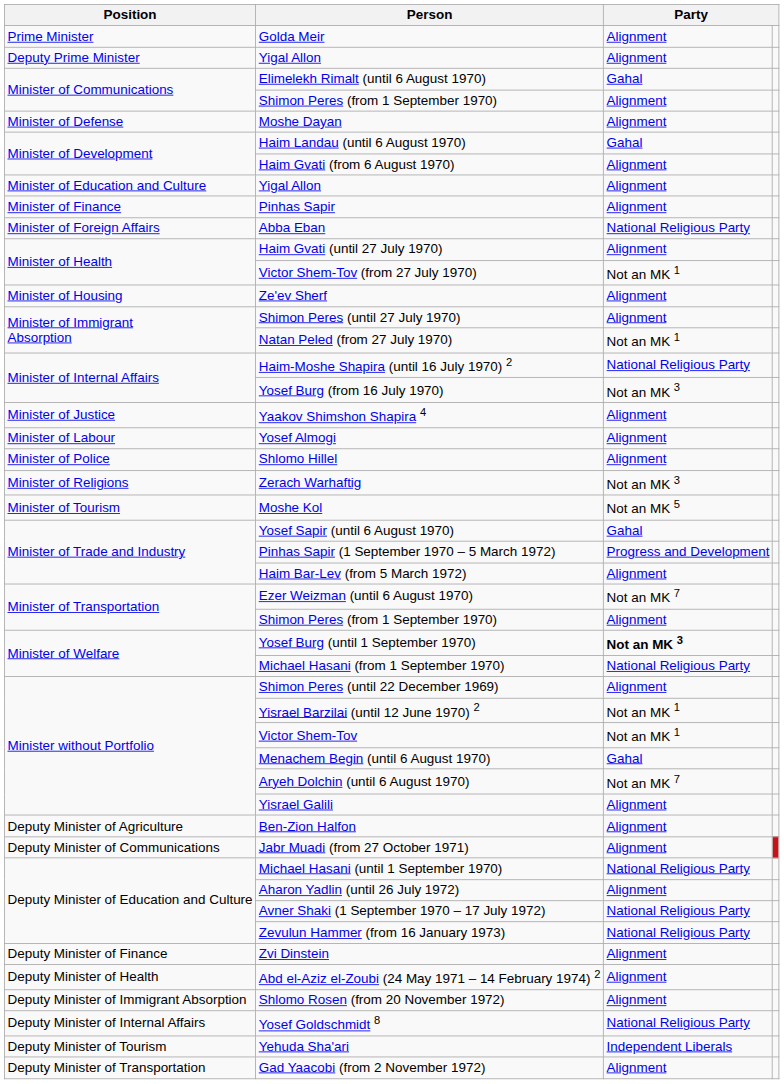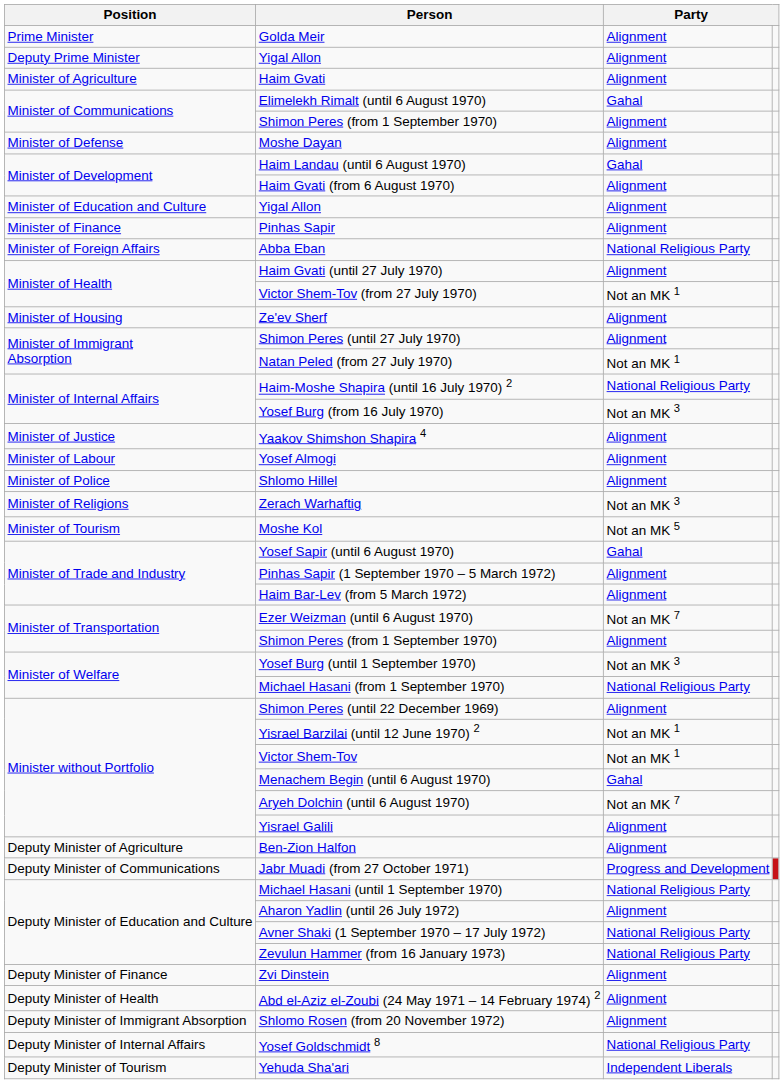 <table class=wikitable style="text-align:left">
 <tr>
 <th>Position</th>
 <th>Person</th>
 <th colspan=2>Party</th>
 </tr>
 <tr>
 <td><a href='#'>Prime Minister</a></td>
 <td><a href='#'>Golda Meir</a></td>
 <td><a href='#'>Alignment</a></td>
 <td style="background:"></td>
 </tr>
 <tr>
 <td><a href='#'>Deputy Prime Minister</a></td>
 <td><a href='#'>Yigal Allon</a></td>
+<td><a href='#'>Alignment</a></td>
+<td style="background:"></td>
+</tr>
+<tr>
+<td><a href='#'>Minister of Agriculture</a></td>
+<td><a href='#'>Haim Gvati</a></td>
 <td><a href='#'>Alignment</a></td>
 <td style="background:"></td>
 </tr>
 <tr>
 <td rowspan=2><a href='#'>Minister of Communications</a></td>
 <td><a href='#'>Elimelekh Rimalt</a> (until 6 August 1970)</td>
 <td><a href='#'>Gahal</a></td>
 <td style="background:"></td>
 </tr>
 <tr>
 <td><a href='#'>Shimon Peres</a> (from 1 September 1970)</td>
 <td><a href='#'>Alignment</a></td>
 <td style="background:"></td>
 </tr>
 <tr>
 <td><a href='#'>Minister of Defense</a></td>
 <td><a href='#'>Moshe Dayan</a></td>
 <td><a href='#'>Alignment</a></td>
 <td style="background:"></td>
 </tr>
 <tr>
 <td rowspan=2><a href='#'>Minister of Development</a></td>
 <td><a href='#'>Haim Landau</a> (until 6 August 1970)</td>
 <td><a href='#'>Gahal</a></td>
 <td style="background:"></td>
 </tr>
 <tr>
 <td><a href='#'>Haim Gvati</a> (from 6 August 1970)</td>
 <td><a href='#'>Alignment</a></td>
 <td style="background:"></td>
 </tr>
 <tr>
 <td><a href='#'>Minister of Education and Culture</a></td>
 <td><a href='#'>Yigal Allon</a></td>
 <td><a href='#'>Alignment</a></td>
 <td style="background:"></td>
 </tr>
 <tr>
 <td><a href='#'>Minister of Finance</a></td>
 <td><a href='#'>Pinhas Sapir</a></td>
 <td><a href='#'>Alignment</a></td>
 <td style="background:"></td>
 </tr>
 <tr>
 <td><a href='#'>Minister of Foreign Affairs</a></td>
 <td><a href='#'>Abba Eban</a></td>
 <td><a href='#'>National Religious Party</a></td>
 <td style="background:"></td>
 </tr>
 <tr>
 <td rowspan=2><a href='#'>Minister of Health</a></td>
 <td><a href='#'>Haim Gvati</a> (until 27 July 1970)</td>
 <td><a href='#'>Alignment</a></td>
 <td style="background:"></td>
 </tr>
 <tr>
 <td><a href='#'>Victor Shem-Tov</a> (from 27 July 1970)</td>
 <td>Not an MK <sup>1</sup></td>
 <td style="background:"></td>
 </tr>
 <tr>
 <td><a href='#'>Minister of Housing</a></td>
 <td><a href='#'>Ze'ev Sherf</a></td>
 <td><a href='#'>Alignment</a></td>
 <td style="background:"></td>
 </tr>
 <tr>
 <td rowspan=2><a href='#'>Minister of Immigrant<br>Absorption</a></td>
 <td><a href='#'>Shimon Peres</a> (until 27 July 1970)</td>
 <td><a href='#'>Alignment</a></td>
 <td style="background:"></td>
 </tr>
 <tr>
 <td><a href='#'>Natan Peled</a> (from 27 July 1970)</td>
 <td>Not an MK <sup>1</sup></td>
 <td style="background:"></td>
 </tr>
 <tr>
 <td rowspan=2><a href='#'>Minister of Internal Affairs</a></td>
 <td><a href='#'>Haim-Moshe Shapira</a> (until 16 July 1970) <sup>2</sup></td>
 <td><a href='#'>National Religious Party</a></td>
 <td style="background:"></td>
 </tr>
 <tr>
 <td><a href='#'>Yosef Burg</a> (from 16 July 1970)</td>
 <td>Not an MK <sup>3</sup></td>
 <td style="background:"></td>
 </tr>
 <tr>
 <td><a href='#'>Minister of Justice</a></td>
 <td><a href='#'>Yaakov Shimshon Shapira</a> <sup>4</sup></td>
 <td><a href='#'>Alignment</a></td>
 <td style="background:"></td>
 </tr>
 <tr>
 <td><a href='#'>Minister of Labour</a></td>
 <td><a href='#'>Yosef Almogi</a></td>
 <td><a href='#'>Alignment</a></td>
 <td style="background:"></td>
 </tr>
 <tr>
 <td><a href='#'>Minister of Police</a></td>
 <td><a href='#'>Shlomo Hillel</a></td>
 <td><a href='#'>Alignment</a></td>
 <td style="background:"></td>
 </tr>
 <tr>
 <td><a href='#'>Minister of Religions</a></td>
 <td><a href='#'>Zerach Warhaftig</a></td>
 <td>Not an MK <sup>3</sup></td>
 <td style="background:"></td>
 </tr>
 <tr>
 <td><a href='#'>Minister of Tourism</a></td>
 <td><a href='#'>Moshe Kol</a></td>
 <td>Not an MK <sup>5</sup></td>
 <td style="background:"></td>
 </tr>
 <tr>
 <td rowspan=3><a href='#'>Minister of Trade and Industry</a></td>
 <td><a href='#'>Yosef Sapir</a> (until 6 August 1970)</td>
 <td><a href='#'>Gahal</a></td>
 <td style="background:"></td>
 </tr>
 <tr>
 <td><a href='#'>Pinhas Sapir</a> (1 September 1970 – 5 March 1972)</td>
-<td><a href='#'>Progress and Development</a></td>
+<td><a href='#'>Alignment</a></td>
 <td style="background:"></td>
 </tr>
 <tr>
 <td><a href='#'>Haim Bar-Lev</a> (from 5 March 1972)</td>
 <td><a href='#'>Alignment</a></td>
 <td style="background:"></td>
 </tr>
 <tr>
 <td rowspan=2><a href='#'>Minister of Transportation</a></td>
 <td><a href='#'>Ezer Weizman</a> (until 6 August 1970)</td>
 <td>Not an MK <sup>7</sup></td>
 <td style="background:"></td>
 </tr>
 <tr>
 <td><a href='#'>Shimon Peres</a> (from 1 September 1970)</td>
 <td><a href='#'>Alignment</a></td>
 <td style="background:"></td>
 </tr>
 <tr>
 <td rowspan=2><a href='#'>Minister of Welfare</a></td>
 <td><a href='#'>Yosef Burg</a> (until 1 September 1970)</td>
-<td><strong>Not an MK <sup>3</sup></strong></td>
+<td>Not an MK <sup>3</sup></td>
 <td style="background:"></td>
 </tr>
 <tr>
 <td><a href='#'>Michael Hasani</a> (from 1 September 1970)</td>
 <td><a href='#'>National Religious Party</a></td>
 <td style="background:"></td>
 </tr>
 <tr>
 <td rowspan=6><a href='#'>Minister without Portfolio</a></td>
 <td><a href='#'>Shimon Peres</a> (until 22 December 1969)<br></td>
 <td><a href='#'>Alignment</a></td>
 <td style="background:"></td>
 </tr>
 <tr>
 <td><a href='#'>Yisrael Barzilai</a> (until 12 June 1970) <sup>2</sup></td>
 <td>Not an MK <sup>1</sup></td>
 <td style="background:"></td>
 </tr>
 <tr>
 <td><a href='#'>Victor Shem-Tov</a></td>
 <td>Not an MK <sup>1</sup></td>
 <td style="background:"></td>
 </tr>
 <tr>
 <td><a href='#'>Menachem Begin</a> (until 6 August 1970)</td>
 <td><a href='#'>Gahal</a></td>
 <td style="background:"></td>
 </tr>
 <tr>
 <td><a href='#'>Aryeh Dolchin</a> (until 6 August 1970)</td>
 <td>Not an MK <sup>7</sup></td>
 <td style="background:"></td>
 </tr>
 <tr>
 <td><a href='#'>Yisrael Galili</a></td>
 <td><a href='#'>Alignment</a></td>
 <td style="background:"></td>
 </tr>
 <tr>
 <td>Deputy Minister of Agriculture</td>
 <td><a href='#'>Ben-Zion Halfon</a></td>
 <td><a href='#'>Alignment</a></td>
 <td style="background:"></td>
 </tr>
 <tr>
 <td>Deputy Minister of Communications</td>
 <td><a href='#'>Jabr Muadi</a> (from 27 October 1971)</td>
-<td><a href='#'>Alignment</a></td>
+<td><a href='#'>Progress and Development</a></td>
 <td style="background:#C61318"></td>
 </tr>
 <tr>
 <td rowspan=4>Deputy Minister of Education and Culture</td>
 <td><a href='#'>Michael Hasani</a> (until 1 September 1970)</td>
 <td><a href='#'>National Religious Party</a></td>
 <td style="background:"></td>
 </tr>
 <tr>
 <td><a href='#'>Aharon Yadlin</a> (until 26 July 1972)</td>
 <td><a href='#'>Alignment</a></td>
 <td style="background:"></td>
 </tr>
 <tr>
 <td><a href='#'>Avner Shaki</a> (1 September 1970 – 17 July 1972)</td>
 <td><a href='#'>National Religious Party</a></td>
 <td style="background:"></td>
 </tr>
 <tr>
 <td><a href='#'>Zevulun Hammer</a> (from 16 January 1973)</td>
 <td><a href='#'>National Religious Party</a></td>
 <td style="background:"></td>
 </tr>
 <tr>
 <td>Deputy Minister of Finance</td>
 <td><a href='#'>Zvi Dinstein</a></td>
 <td><a href='#'>Alignment</a></td>
 <td style="background:"></td>
 </tr>
 <tr>
 <td>Deputy Minister of Health</td>
 <td><a href='#'>Abd el-Aziz el-Zoubi</a> (24 May 1971 – 14 February 1974) <sup>2</sup></td>
 <td><a href='#'>Alignment</a></td>
 <td style="background:"></td>
 </tr>
 <tr>
 <td>Deputy Minister of Immigrant Absorption</td>
 <td><a href='#'>Shlomo Rosen</a> (from 20 November 1972)</td>
 <td><a href='#'>Alignment</a></td>
 <td style="background:"></td>
 </tr>
 <tr>
 <td>Deputy Minister of Internal Affairs</td>
 <td><a href='#'>Yosef Goldschmidt</a> <sup>8</sup></td>
 <td><a href='#'>National Religious Party</a></td>
 <td style="background:"></td>
 </tr>
 <tr>
 <td>Deputy Minister of Tourism</td>
 <td><a href='#'>Yehuda Sha'ari</a></td>
 <td><a href='#'>Independent Liberals</a></td>
 <td style="background:"></td>
 </tr>
-<tr>
-<td>Deputy Minister of Transportation</td>
-<td><a href='#'>Gad Yaacobi</a> (from 2 November 1972)</td>
-<td><a href='#'>Alignment</a></td>
-<td style="background:"></td>
-</tr>
 </table>
